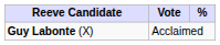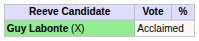 <table class="wikitable">
 <tr>
 <th style="background:#ddf; width:200px;">Reeve Candidate</th>
 <th style="background:#ddf; width:50px;">Vote</th>
 <th style="background:#ddf; width:30px;">%</th>
 </tr>
 <tr>
-<td><strong>Guy Labonte</strong> (X)</td>
+<td style="background: lightgreen;"><strong>Guy Labonte</strong> (X)</td>
 <td colspan="2">Acclaimed</td>
 </tr>
 </table>
